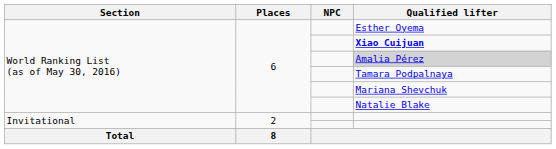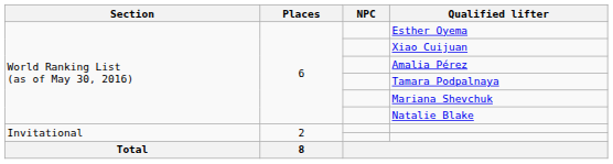 <table class="wikitable"  width=750>
 <tr>
 <th>Section</th>
 <th>Places</th>
 <th>NPC</th>
 <th>Qualified lifter</th>
 </tr>
 <tr>
 <td rowspan=6>World Ranking List<br>(as of May 30, 2016)</td>
 <td rowspan=6 align=center>6</td>
 <td></td>
 <td><a href='#'>Esther Oyema</a></td>
 </tr>
 <tr>
 <td></td>
-<td><strong><a href='#'>Xiao Cuijuan</a></strong></td>
+<td><a href='#'>Xiao Cuijuan</a></td>
 </tr>
 <tr>
 <td></td>
-<td style="background: lightgrey;"><a href='#'>Amalia Pérez</a></td>
+<td><a href='#'>Amalia Pérez</a></td>
 </tr>
 <tr>
 <td></td>
 <td><a href='#'>Tamara Podpalnaya</a></td>
 </tr>
 <tr>
 <td></td>
 <td><a href='#'>Mariana Shevchuk</a></td>
 </tr>
 <tr>
 <td></td>
 <td><a href='#'>Natalie Blake</a></td>
 </tr>
 <tr>
 <td rowspan=2>Invitational</td>
 <td rowspan="2" align=center>2</td>
 <td></td>
 <td></td>
 </tr>
 <tr>
 <td></td>
 <td></td>
 </tr>
 <tr>
 <th>Total</th>
 <th>8</th>
 <th colspan=2></th>
 </tr>
 </table>
